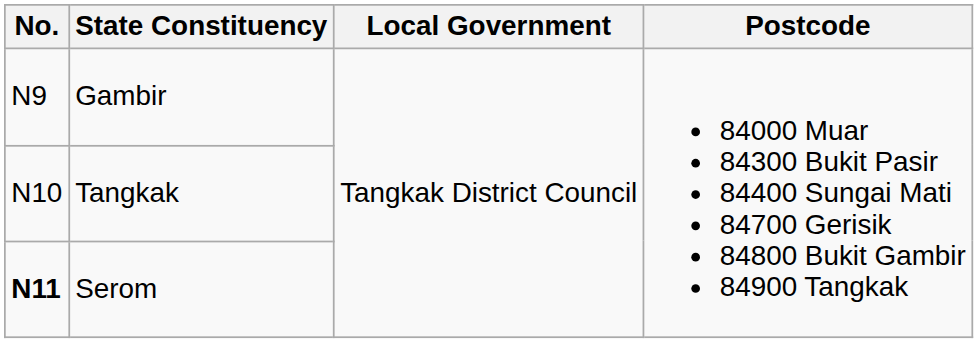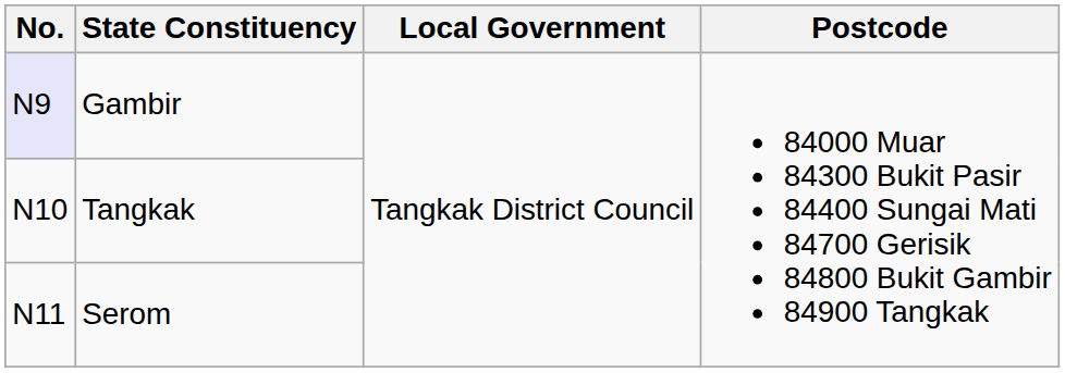 <table class="wikitable">
 <tr>
 <th>No.</th>
 <th>State Constituency</th>
 <th>Local Government</th>
 <th>Postcode</th>
 </tr>
 <tr>
-<td>N9</td>
+<td style="background: lavender;">N9</td>
 <td>Gambir</td>
 <td rowspan="3">Tangkak District Council</td>
 <td rowspan="3"><br><ul><li>84000 Muar</li><li>84300 Bukit Pasir</li><li>84400 Sungai Mati</li><li>84700 Gerisik</li><li>84800 Bukit Gambir</li><li>84900 Tangkak</li></ul></td>
 </tr>
 <tr>
 <td>N10</td>
 <td>Tangkak</td>
 </tr>
 <tr>
-<td><strong>N11</strong></td>
+<td>N11</td>
 <td>Serom</td>
 </tr>
 </table>
